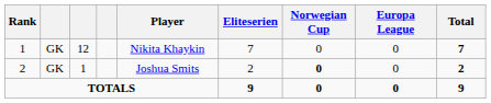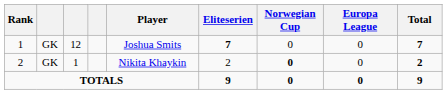 <table class="wikitable" style="font-size: 95%; text-align: center;">
 <tr>
 <th width=40>Rank</th>
 <th width=40></th>
 <th width=40></th>
 <th width=40></th>
 <th width=200>Player</th>
 <th width=80><a href='#'>Eliteserien</a></th>
 <th width=100><a href='#'>Norwegian Cup</a></th>
 <th width=150><a href='#'>Europa League</a></th>
 <th width=80><strong>Total</strong></th>
 </tr>
 <tr>
 <td>1</td>
 <td>GK</td>
 <td>12</td>
 <td></td>
-<td><a href='#'>Nikita Khaykin</a></td>
-<td>7</td>
+<td><a href='#'>Joshua Smits</a></td>
+<td><strong>7</strong></td>
 <td>0</td>
 <td>0</td>
 <td><strong>7</strong></td>
 </tr>
 <tr>
 <td>2</td>
 <td>GK</td>
 <td>1</td>
 <td></td>
-<td><a href='#'>Joshua Smits</a></td>
+<td><a href='#'>Nikita Khaykin</a></td>
 <td>2</td>
 <td><strong>0</strong></td>
 <td>0</td>
 <td><strong>2</strong></td>
 </tr>
 <tr>
 <td colspan="5"><strong>TOTALS</strong></td>
 <td><strong>9</strong></td>
 <td><strong>0</strong></td>
 <td><strong>0</strong></td>
 <td><strong>9</strong></td>
 </tr>
 </table>
